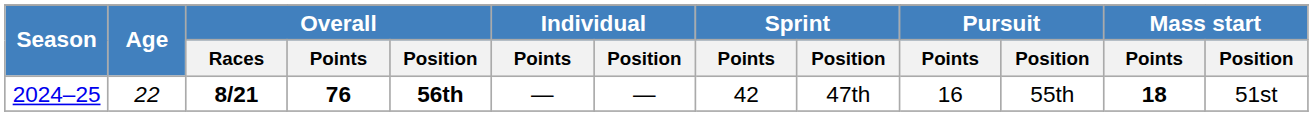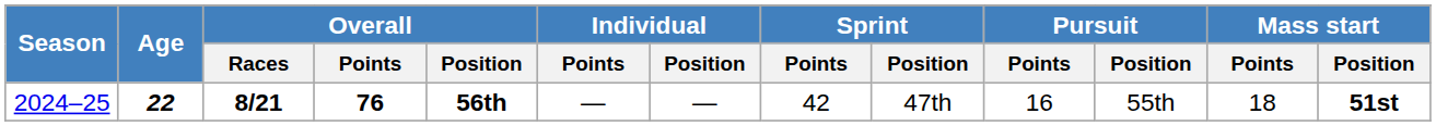 <table class="wikitable" style="font-size:85%; text-align:center; border:grey solid 1px; border-collapse:collapse; background:#ffffff;">
 <tr class="hintergrundfarbe5">
 </tr>
 <tr style="background:#efefef;">
 <th style="background-color:#4180be; color:white; width:40px;" rowspan="2"> Season </th>
 <th style="background-color:#4180be; color:white; width:40px;" rowspan="2">Age</th>
 <th colspan="3" style="background-color:#4180be; color:white; width:115px;">Overall</th>
 <th colspan="2" style="background-color:#4180be; color:white; width:115px;">Individual</th>
 <th colspan="2" style="background-color:#4180be; color:white; width:115px;">Sprint</th>
 <th colspan="2" style="background-color:#4180be; color:white; width:115px;">Pursuit</th>
 <th colspan="2" style="background-color:#4180be; color:white; width:115px;">Mass start</th>
 </tr>
 <tr class="hintergrundfarbe5">
 <th style="width:55px;"><small>Races</small></th>
 <th style="width:55px;"><small>Points</small></th>
 <th style="width:55px;"><small>Position</small></th>
 <th style="width:55px;"><small>Points</small></th>
 <th style="width:55px;"><small>Position</small></th>
 <th style="width:55px;"><small>Points</small></th>
 <th style="width:55px;"><small>Position</small></th>
 <th style="width:55px;"><small>Points</small></th>
 <th style="width:55px;"><small>Position</small></th>
 <th style="width:55px;"><small>Points</small></th>
 <th style="width:55px;"><small>Position</small></th>
 </tr>
 <tr>
 <td><a href='#'>2024–25</a></td>
-<td><em>22</em></td>
+<td><strong><em>22</em></strong></td>
 <td><strong>8/21</strong></td>
 <td><strong>76</strong></td>
 <td><strong>56th</strong></td>
 <td>—</td>
 <td>—</td>
 <td>42</td>
 <td>47th</td>
 <td>16</td>
 <td>55th</td>
-<td><strong>18</strong></td>
-<td>51st</td>
+<td>18</td>
+<td><strong>51st</strong></td>
 </tr>
 </table>
